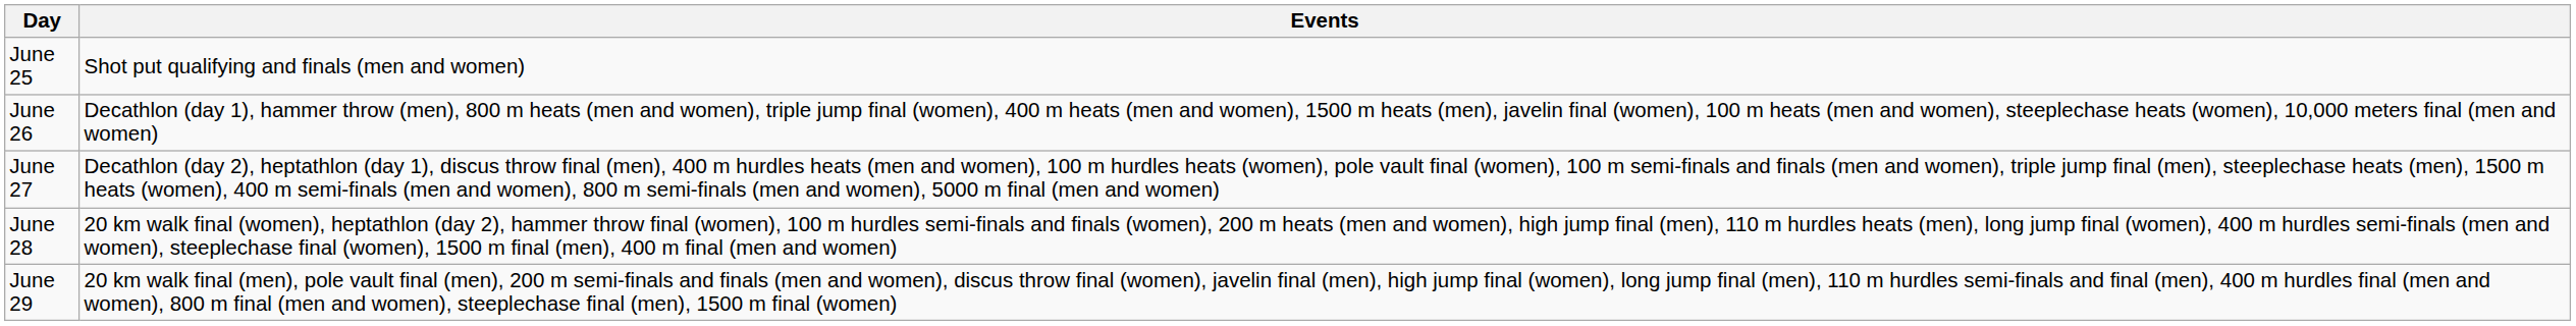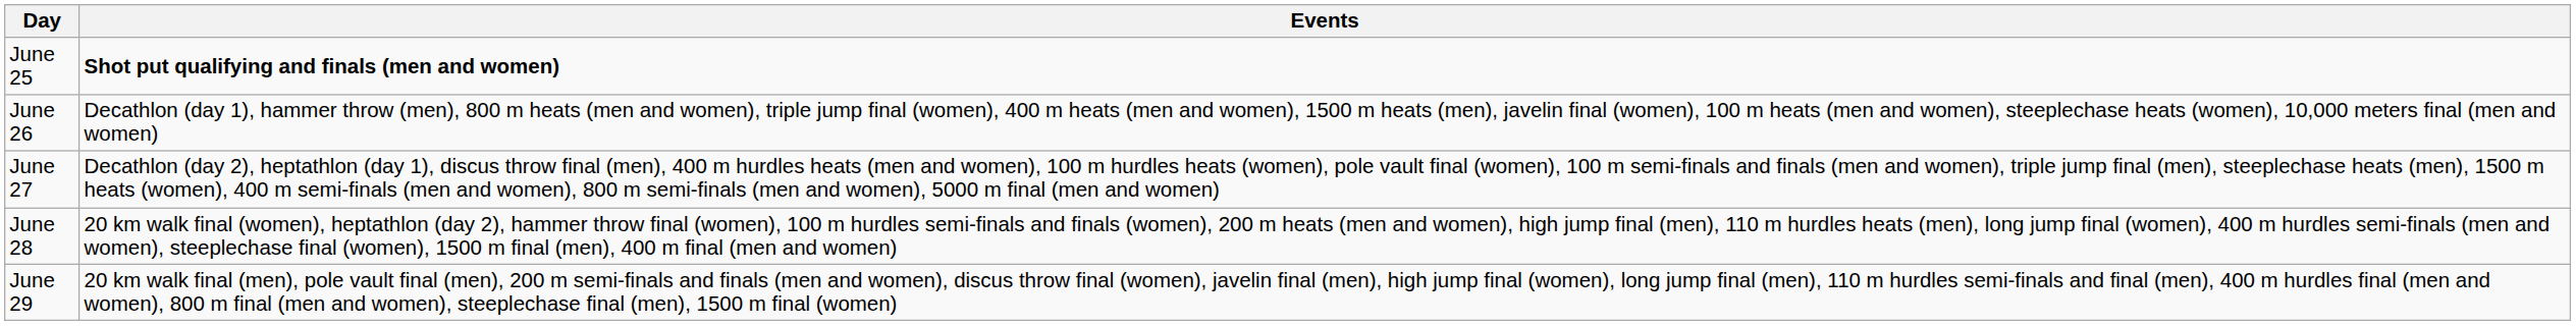 <table class="wikitable sortable">
 <tr>
 <th>Day</th>
 <th>Events</th>
 </tr>
 <tr>
 <td>June 25</td>
-<td>Shot put qualifying and finals (men and women)</td>
+<td><strong>Shot put qualifying and finals (men and women)</strong></td>
 </tr>
 <tr>
 <td>June 26</td>
 <td>Decathlon (day 1), hammer throw (men), 800 m heats (men and women), triple jump final (women), 400 m heats (men and women), 1500 m heats (men), javelin final (women), 100 m heats (men and women), steeplechase heats (women), 10,000 meters final (men and women)</td>
 </tr>
 <tr>
 <td>June 27</td>
 <td>Decathlon (day 2), heptathlon (day 1), discus throw final (men), 400 m hurdles heats (men and women), 100 m hurdles heats (women), pole vault final (women), 100 m semi-finals and finals (men and women), triple jump final (men), steeplechase heats (men), 1500 m heats (women), 400 m semi-finals (men and women), 800 m semi-finals (men and women), 5000 m final (men and women)</td>
 </tr>
 <tr>
 <td>June 28</td>
 <td>20 km walk final (women), heptathlon (day 2), hammer throw final (women), 100 m hurdles semi-finals and finals (women), 200 m heats (men and women), high jump final (men), 110 m hurdles heats (men), long jump final (women), 400 m hurdles semi-finals (men and women), steeplechase final (women), 1500 m final (men), 400 m final (men and women)</td>
 </tr>
 <tr>
 <td>June 29</td>
 <td>20 km walk final (men), pole vault final (men), 200 m semi-finals and finals (men and women), discus throw final (women), javelin final (men), high jump final (women), long jump final (men), 110 m hurdles semi-finals and final (men), 400 m hurdles final (men and women), 800 m final (men and women), steeplechase final (men), 1500 m final (women)</td>
 </tr>
 </table>
